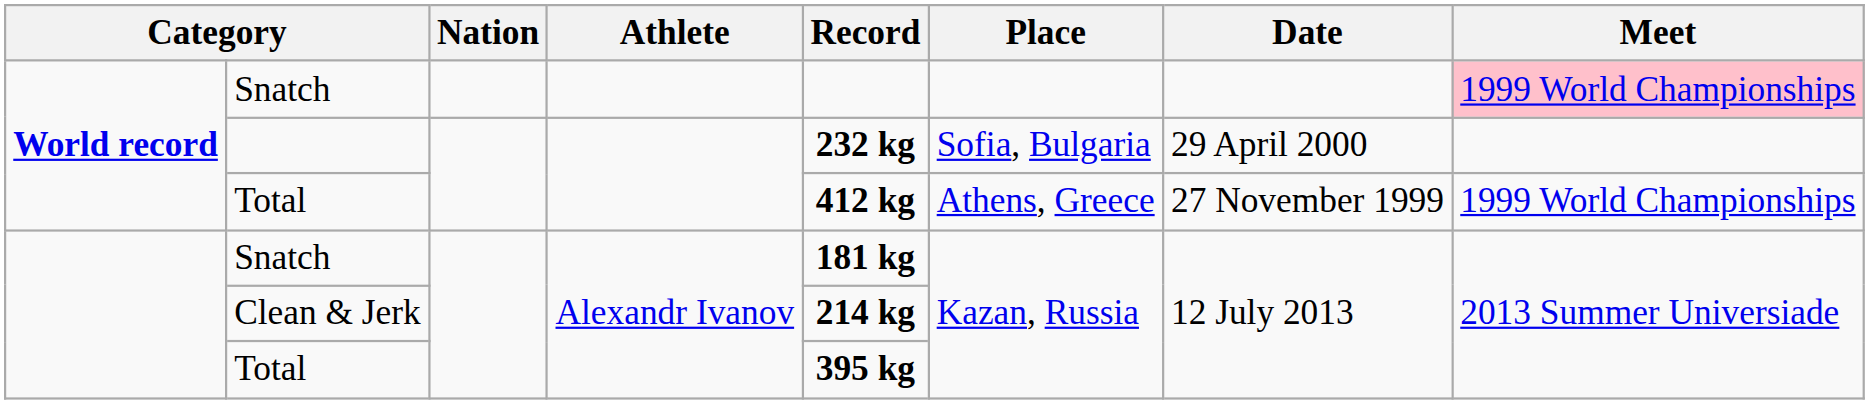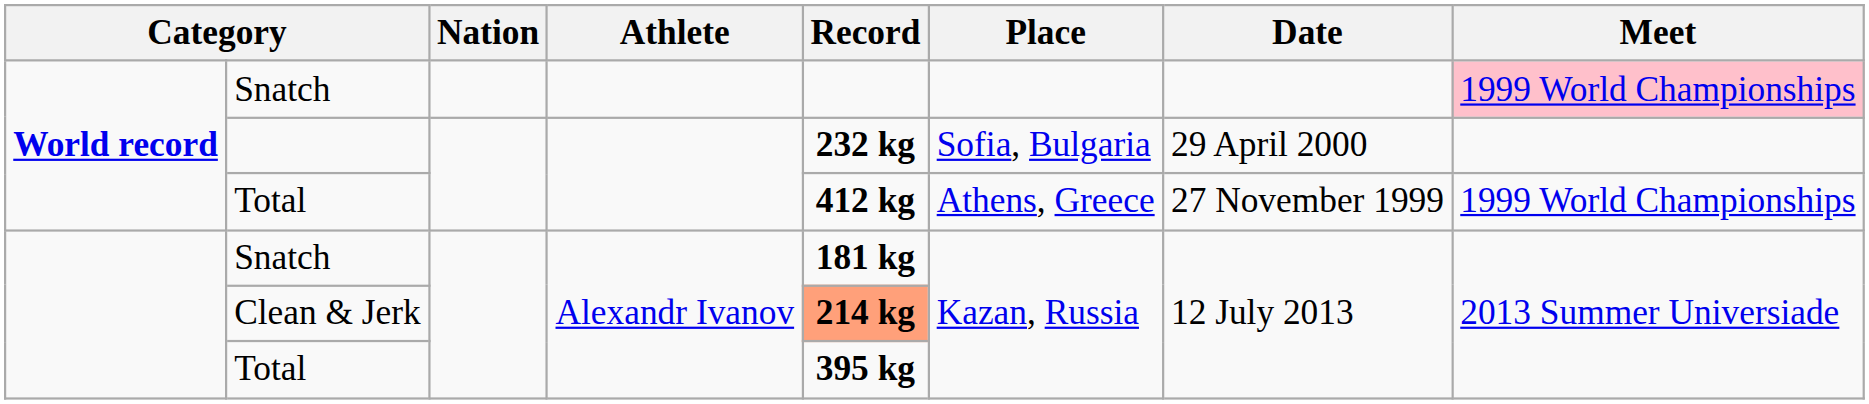 <table class="wikitable" style="text-align:center;">
 <tr>
 <th colspan="2">Category</th>
 <th>Nation</th>
 <th>Athlete</th>
 <th>Record</th>
 <th>Place</th>
 <th>Date</th>
 <th>Meet</th>
 </tr>
 <tr>
 <td rowspan="3"><strong><a href='#'>World record</a></strong></td>
 <td align="left">Snatch</td>
 <td align="left"></td>
 <td align="left"></td>
 <td><strong></strong></td>
 <td align="left"></td>
 <td align="left"></td>
 <td align="left" style="background: pink;"><a href='#'>1999 World Championships</a></td>
 </tr>
 <tr>
 <td align="left"></td>
 <td align="left" rowspan="2"></td>
 <td align="left" rowspan="2"></td>
 <td><strong>232 kg</strong></td>
 <td align="left"><a href='#'>Sofia</a>, <a href='#'>Bulgaria</a></td>
 <td align="left">29 April 2000</td>
 <td align="left"></td>
 </tr>
 <tr>
 <td align="left">Total</td>
 <td><strong>412 kg</strong></td>
 <td align="left"><a href='#'>Athens</a>, <a href='#'>Greece</a></td>
 <td align="left">27 November 1999</td>
 <td align="left"><a href='#'>1999 World Championships</a></td>
 </tr>
 <tr>
 <td rowspan="3"><strong></strong></td>
 <td align="left">Snatch</td>
 <td align="left" rowspan="3"></td>
 <td align="left" rowspan="3"><a href='#'>Alexandr Ivanov</a></td>
 <td><strong>181 kg</strong></td>
 <td align="left" rowspan="3"><a href='#'>Kazan</a>, <a href='#'>Russia</a></td>
 <td align="left" rowspan="3">12 July 2013</td>
 <td align="left" rowspan="3"><a href='#'>2013 Summer Universiade</a></td>
 </tr>
 <tr>
 <td align="left">Clean & Jerk</td>
-<td><strong>214 kg</strong></td>
+<td style="background: lightsalmon;"><strong>214 kg</strong></td>
 </tr>
 <tr>
 <td align="left">Total</td>
 <td><strong>395 kg</strong></td>
 </tr>
 </table>
